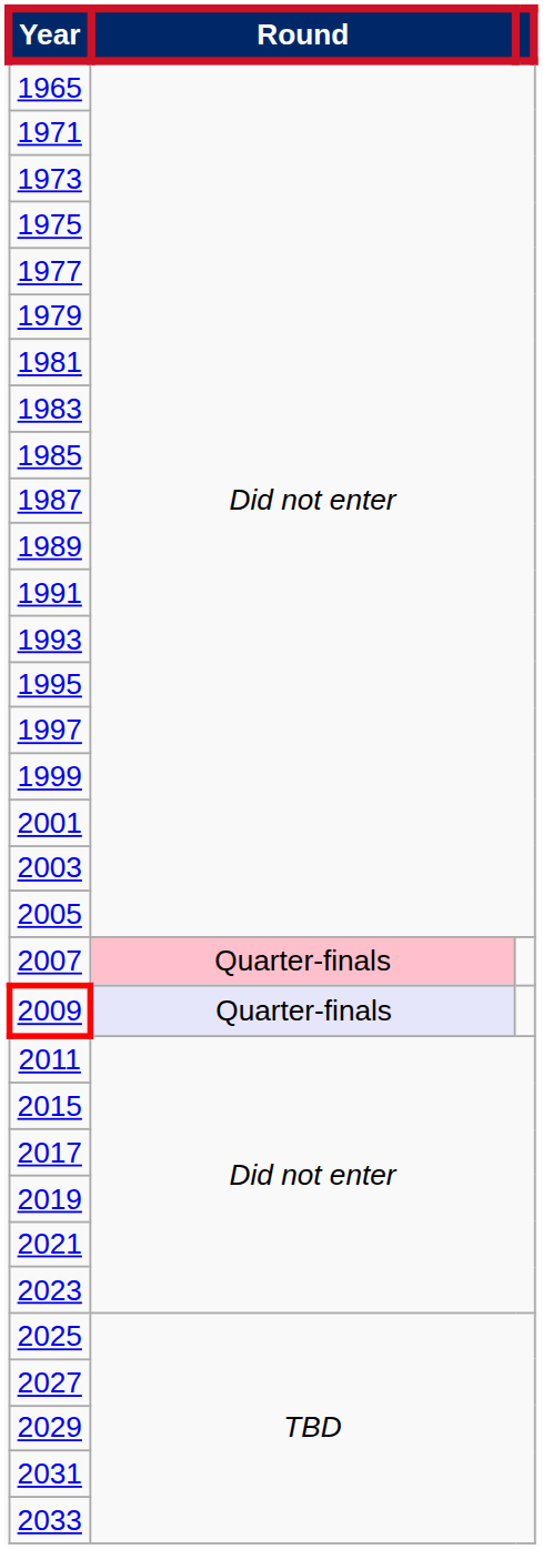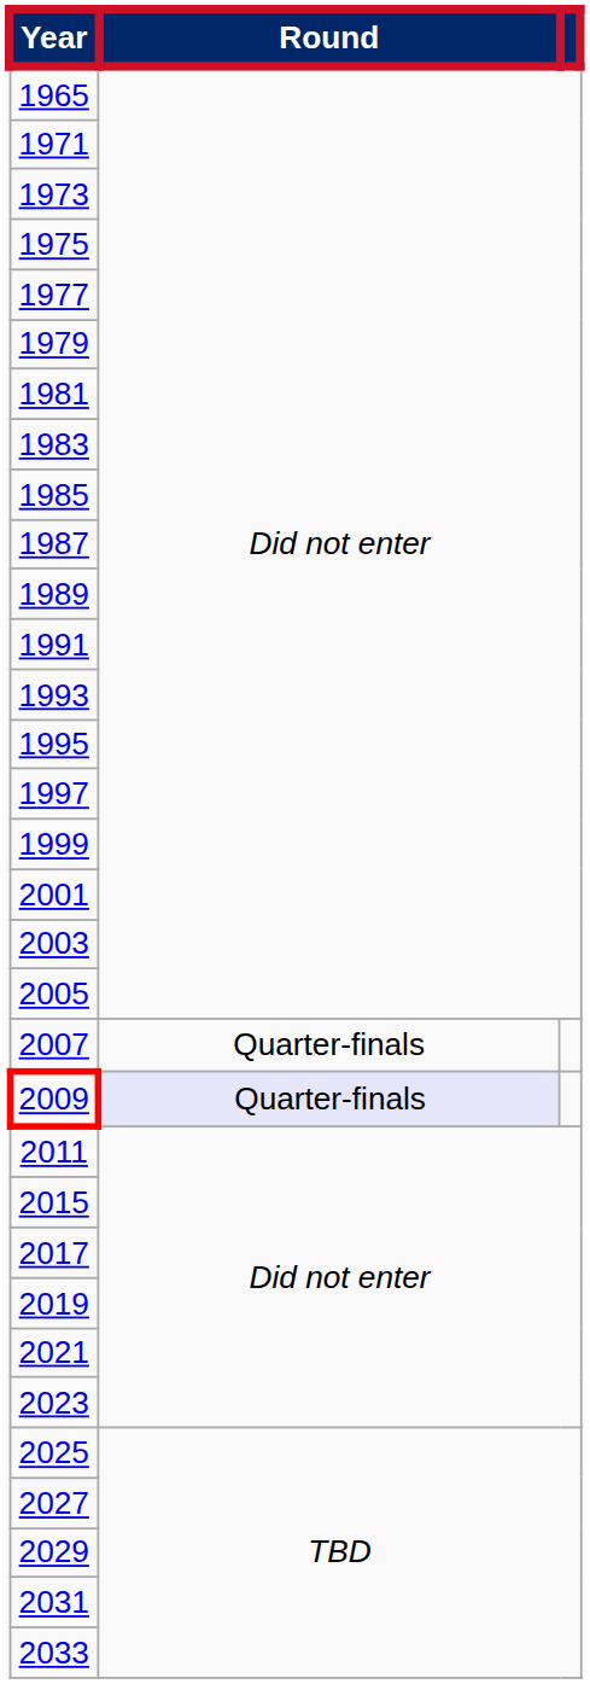 <table class="wikitable" style="text-align: center; font-size:90%">
 <tr style="color:white;">
 <th style="background:#002868; border: 4px solid #CE1126; ">Year</th>
 <th style="background:#002868; border: 4px solid #CE1126; width:200px">Round</th>
 <th style="background:#002868; border: 4px solid #CE1126;"></th>
 </tr>
 <tr>
 <td><a href='#'>1965</a></td>
 <td colspan="2" rowspan="19"><em>Did not enter</em></td>
 </tr>
 <tr>
 <td><a href='#'>1971</a></td>
 </tr>
 <tr>
 <td><a href='#'>1973</a></td>
 </tr>
 <tr>
 <td><a href='#'>1975</a></td>
 </tr>
 <tr>
 <td><a href='#'>1977</a></td>
 </tr>
 <tr>
 <td><a href='#'>1979</a></td>
 </tr>
 <tr>
 <td><a href='#'>1981</a></td>
 </tr>
 <tr>
 <td><a href='#'>1983</a></td>
 </tr>
 <tr>
 <td><a href='#'>1985</a></td>
 </tr>
 <tr>
 <td><a href='#'>1987</a></td>
 </tr>
 <tr>
 <td><a href='#'>1989</a></td>
 </tr>
 <tr>
 <td><a href='#'>1991</a></td>
 </tr>
 <tr>
 <td><a href='#'>1993</a></td>
 </tr>
 <tr>
 <td><a href='#'>1995</a></td>
 </tr>
 <tr>
 <td><a href='#'>1997</a></td>
 </tr>
 <tr>
 <td><a href='#'>1999</a></td>
 </tr>
 <tr>
 <td><a href='#'>2001</a></td>
 </tr>
 <tr>
 <td><a href='#'>2003</a></td>
 </tr>
 <tr>
 <td><a href='#'>2005</a></td>
 </tr>
 <tr>
 <td><a href='#'>2007</a></td>
-<td style="background: pink;">Quarter-finals</td>
+<td>Quarter-finals</td>
 <td></td>
 </tr>
 <tr>
 <td style="border: 3px solid red"><a href='#'>2009</a></td>
 <td style="background: lavender;">Quarter-finals</td>
 <td></td>
 </tr>
 <tr>
 <td><a href='#'>2011</a></td>
 <td colspan="2" rowspan="6"><em>Did not enter</em></td>
 </tr>
 <tr>
 <td><a href='#'>2015</a></td>
 </tr>
 <tr>
 <td><a href='#'>2017</a></td>
 </tr>
 <tr>
 <td><a href='#'>2019</a></td>
 </tr>
 <tr>
 <td><a href='#'>2021</a></td>
 </tr>
 <tr>
 <td><a href='#'>2023</a></td>
 </tr>
 <tr>
 <td><a href='#'>2025</a></td>
 <td colspan="2" rowspan="5"><em>TBD</em></td>
 </tr>
 <tr>
 <td><a href='#'>2027</a></td>
 </tr>
 <tr>
 <td><a href='#'>2029</a></td>
 </tr>
 <tr>
 <td><a href='#'>2031</a></td>
 </tr>
 <tr>
 <td><a href='#'>2033</a></td>
 </tr>
 </table>
